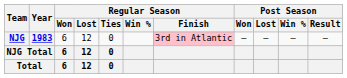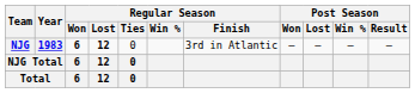 <table class="wikitable" style="font-size: 95%; text-align:center;">
 <tr>
 <th rowspan="2">Team</th>
 <th rowspan="2">Year</th>
 <th colspan="5">Regular Season</th>
 <th colspan="4">Post Season</th>
 </tr>
 <tr>
 <th>Won</th>
 <th>Lost</th>
 <th>Ties</th>
 <th>Win %</th>
 <th>Finish</th>
 <th>Won</th>
 <th>Lost</th>
 <th>Win %</th>
 <th>Result</th>
 </tr>
 <tr>
 <th><a href='#'>NJG</a></th>
 <th><a href='#'>1983</a></th>
-<td>6</td>
-<td>12</td>
+<td><strong>6</strong></td>
+<td><strong>12</strong></td>
 <td>0</td>
 <td></td>
-<td style="background: pink;">3rd in Atlantic</td>
+<td>3rd in Atlantic</td>
 <td>–</td>
 <td>–</td>
 <td>–</td>
 <td>–</td>
 </tr>
 <tr>
 <th colspan="2">NJG Total</th>
 <th>6</th>
 <th>12</th>
 <th>0</th>
 <th></th>
 <th></th>
 <th></th>
 <th></th>
 <th></th>
 <th></th>
 </tr>
 <tr>
 <th colspan="2">Total</th>
 <th>6</th>
 <th>12</th>
 <th>0</th>
 <th></th>
 <th></th>
 <th></th>
 <th></th>
 <th></th>
 <th></th>
 </tr>
 </table>
